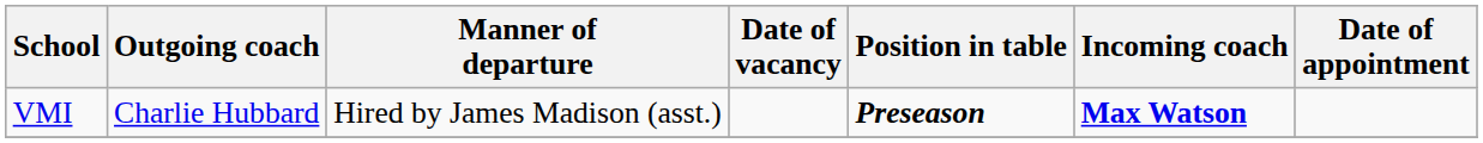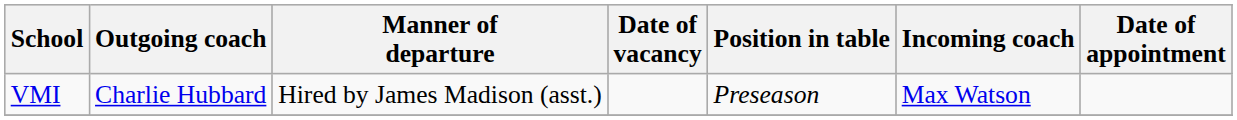 <table class="wikitable sortable">
 <tr>
 <th>School</th>
 <th>Outgoing coach</th>
 <th>Manner of <br> departure</th>
 <th>Date of <br> vacancy</th>
 <th>Position in table</th>
 <th>Incoming coach</th>
 <th>Date of <br> appointment</th>
 </tr>
 <tr>
 <td><a href='#'>VMI</a></td>
 <td> <a href='#'>Charlie Hubbard</a></td>
 <td>Hired by James Madison (asst.)</td>
 <td></td>
-<td><strong><em>Preseason</em></strong></td>
-<td><strong> <a href='#'>Max Watson</a></strong></td>
+<td><em>Preseason</em></td>
+<td> <a href='#'>Max Watson</a></td>
 <td></td>
 </tr>
 <tr>
 </tr>
 </table>
